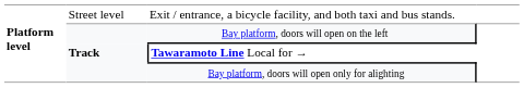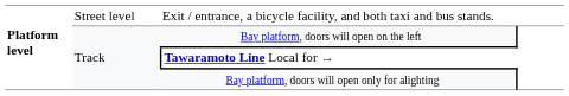 <table border=0 cellspacing=0 cellpadding=3>
 <tr>
 <td style="border-top: 1px solid gray;" width=75></td>
 <td style="border-top: 1px solid gray;" valign=top width=100>Street level</td>
 <td style="border-top: 1px solid gray;" valign=top width=425>Exit / entrance, a bicycle facility, and both taxi and bus stands.</td>
 <td style="border-top: 1px solid gray;" width=50></td>
 </tr>
 <tr>
 <td style="border-bottom: 1px solid gray;" rowspan=3 valign=top><strong>Platform level</strong></td>
 <td style="border-top: 1px solid gray; background-color: #f8f9fa;"></td>
 <td style="border-top: 1px solid gray; border-right: 2px solid black; border-bottom: 2px solid black; background-color: #f8f9fa;" align=center><small><a href='#'>Bay platform</a>, doors will open on the left     </small></td>
 <td style="border-top: 1px solid gray; border-bottom: 1px solid gray;" rowspan=3></td>
 </tr>
 <tr>
-<td style="background-color: #f8f9fa;"><strong>Track</strong></td>
+<td style="background-color: #f8f9fa;">Track</td>
 <td style="border-left: 2px solid black;"> <strong><a href='#'>Tawaramoto Line</a></strong>  Local for  →</td>
 </tr>
 <tr>
 <td style="border-bottom: 1px solid gray; background-color: #f8f9fa;"></td>
 <td style="border-top: 2px solid black; border-right: 2px solid black; border-bottom: 1px solid gray; background-color: #f8f9fa;" align=center><small><a href='#'>Bay platform</a>, doors will open only for alighting    </small></td>
 </tr>
 </table>
